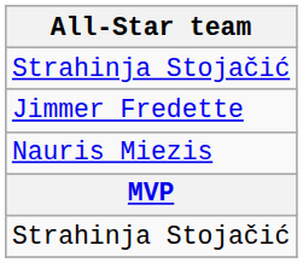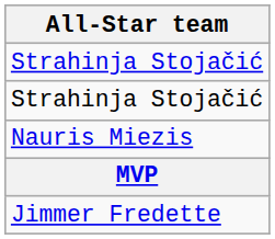 <table class="wikitable plainrowheaders">
 <tr>
 <th scope="col" colspan=2>All-Star team</th>
 </tr>
 <tr>
 <td> <a href='#'>Strahinja Stojačić</a></td>
 </tr>
 <tr>
-<td> <a href='#'>Jimmer Fredette</a></td>
+<td> Strahinja Stojačić</td>
 </tr>
 <tr>
 <td> <a href='#'>Nauris Miezis</a></td>
 </tr>
 <tr>
 <th scope="col" colspan=2><a href='#'>MVP</a></th>
 </tr>
 <tr>
-<td> Strahinja Stojačić</td>
+<td> <a href='#'>Jimmer Fredette</a></td>
 </tr>
 </table>
